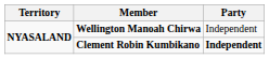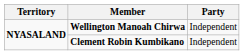 <table class="wikitable">
 <tr>
 <th align="left">Territory</th>
 <th align="left">Member</th>
 <th align="left">Party</th>
 </tr>
 <tr>
 <td rowspan=2><strong>NYASALAND</strong></td>
 <td align="left"><strong>Wellington Manoah Chirwa</strong></td>
 <td align="left">Independent</td>
 </tr>
 <tr>
 <td align="left"><strong>Clement Robin Kumbikano</strong></td>
-<td align="left"><strong>Independent</strong></td>
+<td align="left">Independent</td>
 </tr>
 </table>
